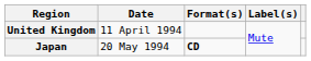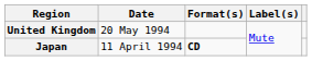 <table class="wikitable plainrowheaders">
 <tr>
 <th scope="col">Region</th>
 <th scope="col">Date</th>
 <th scope="col">Format(s)</th>
 <th scope="col">Label(s)</th>
 <th scope="col"></th>
 </tr>
 <tr>
 <th scope="row">United Kingdom</th>
-<td>11 April 1994</td>
+<td>20 May 1994</td>
 <td></td>
 <td rowspan="2"><a href='#'>Mute</a></td>
 <td></td>
 </tr>
 <tr>
 <th scope="row">Japan</th>
-<td>20 May 1994</td>
+<td>11 April 1994</td>
 <td><strong>CD</strong></td>
 <td></td>
 </tr>
 </table>
